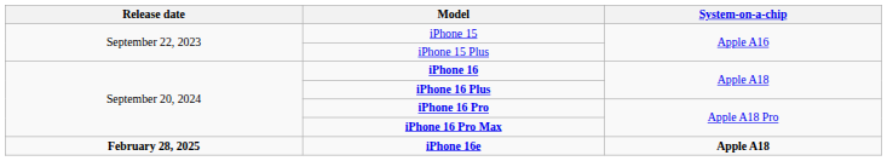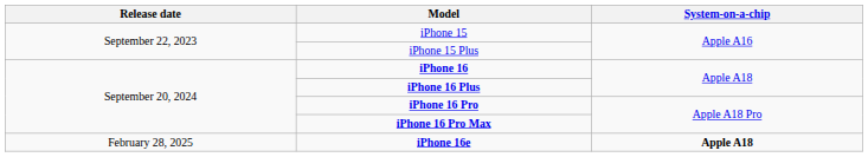 <table class="wikitable sortable" style="width: 75%; text-align: center;">
 <tr>
 <th>Release date</th>
 <th>Model</th>
 <th><a href='#'>System-on-a-chip</a></th>
 </tr>
 <tr>
 <td rowspan="2">September 22, 2023</td>
 <td><a href='#'>iPhone 15</a></td>
 <td rowspan="2"><a href='#'>Apple A16</a></td>
 </tr>
 <tr>
 <td><a href='#'>iPhone 15 Plus</a></td>
 </tr>
 <tr>
 <td rowspan="4">September 20, 2024</td>
 <td><strong><a href='#'>iPhone 16</a></strong></td>
 <td rowspan="2"><a href='#'>Apple A18</a></td>
 </tr>
 <tr>
 <td><strong><a href='#'>iPhone 16 Plus</a></strong></td>
 </tr>
 <tr>
 <td><strong><a href='#'>iPhone 16 Pro</a></strong></td>
 <td rowspan="2"><a href='#'>Apple A18 Pro</a></td>
 </tr>
 <tr>
 <td><strong><a href='#'>iPhone 16 Pro Max</a></strong></td>
 </tr>
 <tr>
-<td><strong>February 28, 2025</strong></td>
+<td>February 28, 2025</td>
 <td><a href='#'><strong>iPhone 16e</strong></a></td>
 <td><strong>Apple A18</strong></td>
 </tr>
 </table>
